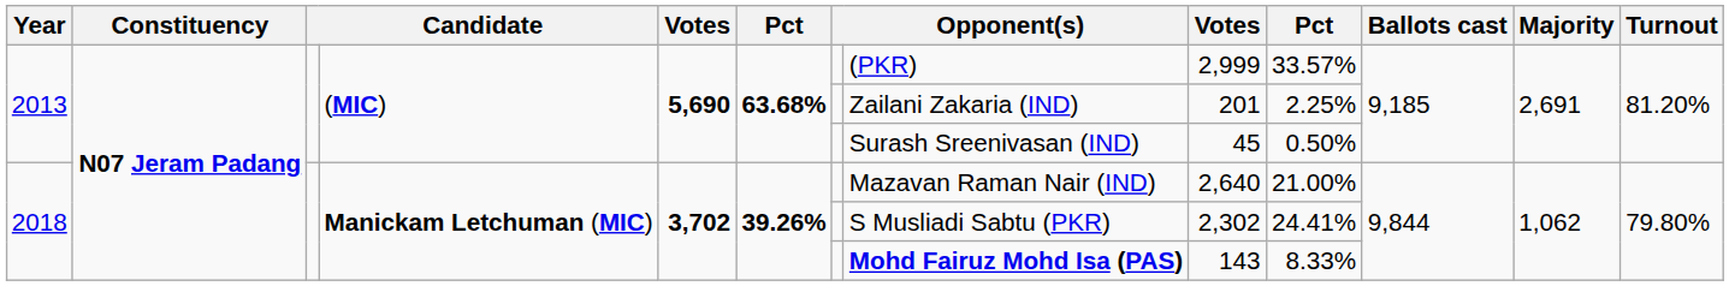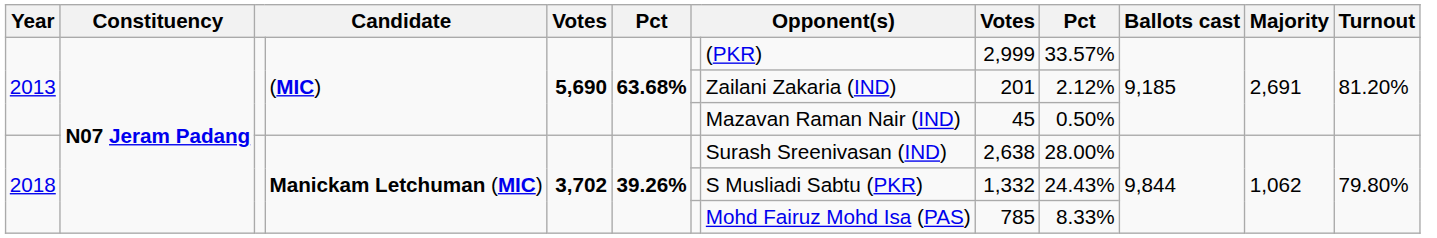 <table class="wikitable" style="margin:0.5em ; font-size:95%">
 <tr>
 <th>Year</th>
 <th>Constituency</th>
 <th colspan=2>Candidate</th>
 <th>Votes</th>
 <th>Pct</th>
 <th colspan=2>Opponent(s)</th>
 <th>Votes</th>
 <th>Pct</th>
 <th>Ballots cast</th>
 <th>Majority</th>
 <th>Turnout</th>
 </tr>
 <tr>
 <td rowspan=3><a href='#'>2013</a></td>
 <td rowspan=6><strong>N07 <a href='#'>Jeram Padang</a></strong></td>
 <td rowspan=3 ></td>
 <td rowspan=3> (<a href='#'><strong>MIC</strong></a>)</td>
 <td rowspan=3 align="right"><strong>5,690</strong></td>
 <td rowspan=3><strong>63.68%</strong></td>
 <td></td>
 <td> (<a href='#'>PKR</a>)</td>
 <td align="right">2,999</td>
 <td>33.57%</td>
 <td rowspan=3>9,185</td>
 <td rowspan=3>2,691</td>
 <td rowspan=3>81.20%</td>
 </tr>
 <tr>
 <td></td>
 <td>Zailani Zakaria (<a href='#'>IND</a>)</td>
 <td align="right">201</td>
-<td align=right>2.25%</td>
+<td align=right>2.12%</td>
 </tr>
 <tr>
 <td></td>
-<td>Surash Sreenivasan (<a href='#'>IND</a>)</td>
+<td>Mazavan Raman Nair (<a href='#'>IND</a>)</td>
 <td align="right">45</td>
 <td align=right>0.50%</td>
 </tr>
 <tr>
 <td rowspan=3><a href='#'>2018</a></td>
 <td rowspan=3 ></td>
 <td rowspan=3><strong>Manickam Letchuman</strong> (<a href='#'><strong>MIC</strong></a>)</td>
 <td rowspan=3 align="right"><strong>3,702</strong></td>
 <td rowspan=3><strong>39.26%</strong></td>
 <td></td>
-<td>Mazavan Raman Nair (<a href='#'>IND</a>)</td>
-<td align="right">2,640</td>
-<td>21.00%</td>
+<td>Surash Sreenivasan (<a href='#'>IND</a>)</td>
+<td align="right">2,638</td>
+<td>28.00%</td>
 <td rowspan=3>9,844</td>
 <td rowspan=3>1,062</td>
 <td rowspan=3>79.80%</td>
 </tr>
 <tr>
 <td></td>
 <td>S Musliadi Sabtu (<a href='#'>PKR</a>)</td>
-<td align="right">2,302</td>
-<td>24.41%</td>
+<td align="right">1,332</td>
+<td>24.43%</td>
 </tr>
 <tr>
 <td></td>
-<td><strong><a href='#'>Mohd Fairuz Mohd Isa</a> (<a href='#'>PAS</a>)</strong></td>
-<td align="right">143</td>
+<td><a href='#'>Mohd Fairuz Mohd Isa</a> (<a href='#'>PAS</a>)</td>
+<td align="right">785</td>
 <td align=right>8.33%</td>
 </tr>
 </table>
